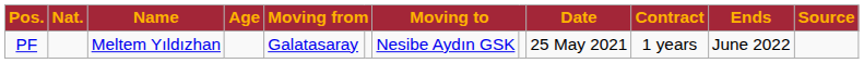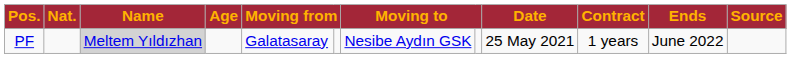 <table class="wikitable sortable">
 <tr>
 <th style="color:#FFB300; background:#A32638;">Pos.</th>
 <th style="color:#FFB300; background:#A32638;">Nat.</th>
 <th style="color:#FFB300; background:#A32638;">Name</th>
 <th style="color:#FFB300; background:#A32638;">Age</th>
 <th colspan=2 style="color:#FFB300; background:#A32638;">Moving from</th>
 <th colspan=2 style="color:#FFB300; background:#A32638;">Moving to</th>
 <th style="color:#FFB300; background:#A32638;">Date</th>
 <th style="color:#FFB300; background:#A32638;">Contract</th>
 <th style="color:#FFB300; background:#A32638;">Ends</th>
 <th style="color:#FFB300; background:#A32638;">Source</th>
 </tr>
 <tr>
 <td style="text-align: center;"><a href='#'>PF</a></td>
 <td style="text-align: center;"></td>
-<td><a href='#'>Meltem Yıldızhan</a></td>
+<td style="background: lightgrey;"><a href='#'>Meltem Yıldızhan</a></td>
 <td style="text-align: center;"></td>
 <td><a href='#'>Galatasaray</a></td>
 <td style="text-align: center;"></td>
 <td><a href='#'>Nesibe Aydın GSK</a></td>
 <td style="text-align: center;"></td>
 <td style="text-align: center;">25 May 2021</td>
 <td style="text-align: center;">1 years</td>
 <td style="text-align: center;">June 2022</td>
 <td style="text-align: center;"></td>
 </tr>
 </table>
